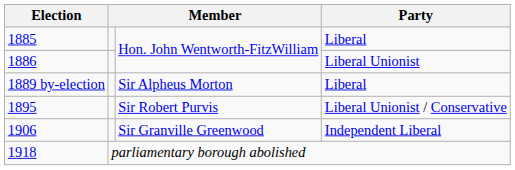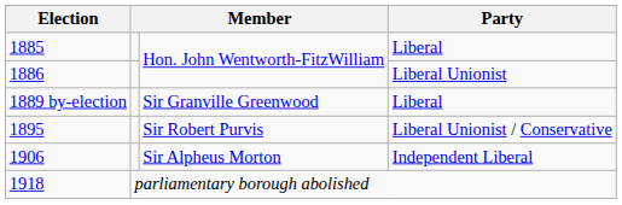 <table class="wikitable">
 <tr>
 <th>Election</th>
 <th colspan="2">Member</th>
 <th>Party</th>
 </tr>
 <tr>
 <td><a href='#'>1885</a></td>
 <td style="color:inherit;background-color: "></td>
 <td rowspan=2><a href='#'>Hon. John Wentworth-FitzWilliam</a></td>
 <td><a href='#'>Liberal</a></td>
 </tr>
 <tr>
 <td><a href='#'>1886</a></td>
 <td style="color:inherit;background-color: "></td>
 <td><a href='#'>Liberal Unionist</a></td>
 </tr>
 <tr>
 <td><a href='#'>1889 by-election</a></td>
 <td style="color:inherit;background-color: "></td>
-<td><a href='#'>Sir Alpheus Morton</a></td>
+<td><a href='#'>Sir Granville Greenwood</a></td>
 <td><a href='#'>Liberal</a></td>
 </tr>
 <tr>
 <td><a href='#'>1895</a></td>
 <td style="color:inherit;background-color: "></td>
 <td><a href='#'>Sir Robert Purvis</a></td>
 <td><a href='#'>Liberal Unionist</a> / <a href='#'>Conservative</a></td>
 </tr>
 <tr>
 <td><a href='#'>1906</a></td>
 <td style="color:inherit;background-color: "></td>
-<td><a href='#'>Sir Granville Greenwood</a></td>
+<td><a href='#'>Sir Alpheus Morton</a></td>
 <td><a href='#'>Independent Liberal</a></td>
 </tr>
 <tr>
 <td><a href='#'>1918</a></td>
 <td colspan="3"><em>parliamentary borough abolished</em></td>
 </tr>
 </table>
